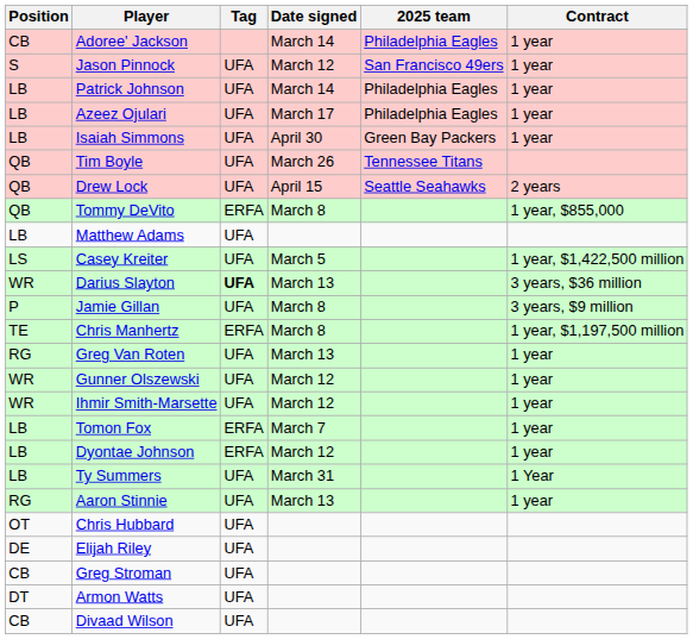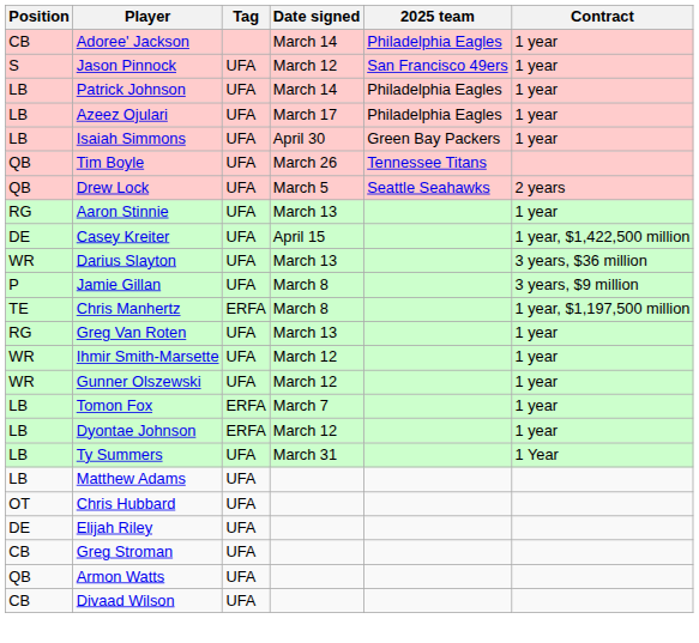 <table class="wikitable sortable">
 <tr>
 <th>Position</th>
 <th>Player</th>
 <th>Tag</th>
 <th>Date signed</th>
 <th>2025 team</th>
 <th>Contract</th>
 </tr>
 <tr bgcolor="#ffcccc">
 <td>CB</td>
 <td><a href='#'>Adoree' Jackson</a></td>
 <td></td>
 <td>March 14</td>
 <td><a href='#'>Philadelphia Eagles</a></td>
 <td>1 year</td>
 </tr>
 <tr bgcolor="#ffcccc">
 <td>S</td>
 <td><a href='#'>Jason Pinnock</a></td>
 <td>UFA</td>
 <td>March 12</td>
 <td><a href='#'>San Francisco 49ers</a></td>
 <td>1 year</td>
 </tr>
 <tr bgcolor="#ffcccc">
 <td>LB</td>
 <td><a href='#'>Patrick Johnson</a></td>
 <td>UFA</td>
 <td>March 14</td>
 <td>Philadelphia Eagles</td>
 <td>1 year</td>
 </tr>
 <tr bgcolor="#ffcccc">
 <td>LB</td>
 <td><a href='#'>Azeez Ojulari</a></td>
 <td>UFA</td>
 <td>March 17</td>
 <td>Philadelphia Eagles</td>
 <td>1 year</td>
 </tr>
 <tr bgcolor="#ffcccc">
 <td>LB</td>
 <td><a href='#'>Isaiah Simmons</a></td>
 <td>UFA</td>
 <td>April 30</td>
 <td>Green Bay Packers</td>
 <td>1 year</td>
 </tr>
 <tr bgcolor="#ffcccc">
 <td>QB</td>
 <td><a href='#'>Tim Boyle</a></td>
 <td>UFA</td>
 <td>March 26</td>
 <td><a href='#'>Tennessee Titans</a></td>
 <td></td>
 </tr>
 <tr bgcolor="#ffcccc">
 <td>QB</td>
 <td><a href='#'>Drew Lock</a></td>
 <td>UFA</td>
-<td>April 15</td>
+<td>March 5</td>
 <td><a href='#'>Seattle Seahawks</a></td>
 <td>2 years</td>
 </tr>
 <tr bgcolor="#ccffcc">
-<td>QB</td>
-<td><a href='#'>Tommy DeVito</a></td>
-<td>ERFA</td>
-<td>March 8</td>
+<td>RG</td>
+<td><a href='#'>Aaron Stinnie</a></td>
+<td>UFA</td>
+<td>March 13</td>
 <td></td>
-<td>1 year, $855,000</td>
-</tr>
-<tr>
-<td>LB</td>
-<td><a href='#'>Matthew Adams</a></td>
-<td>UFA</td>
-<td></td>
-<td></td>
-<td></td>
+<td>1 year</td>
 </tr>
 <tr bgcolor="#ccffcc">
-<td>LS</td>
+<td>DE</td>
 <td><a href='#'>Casey Kreiter</a></td>
 <td>UFA</td>
-<td>March 5</td>
+<td>April 15</td>
 <td></td>
 <td>1 year, $1,422,500 million</td>
 </tr>
 <tr bgcolor="#ccffcc">
 <td>WR</td>
 <td><a href='#'>Darius Slayton</a></td>
-<td><strong>UFA</strong></td>
+<td>UFA</td>
 <td>March 13</td>
 <td></td>
 <td>3 years, $36 million</td>
 </tr>
 <tr bgcolor="#ccffcc">
 <td>P</td>
 <td><a href='#'>Jamie Gillan</a></td>
 <td>UFA</td>
 <td>March 8</td>
 <td></td>
 <td>3 years, $9 million</td>
 </tr>
 <tr bgcolor="#ccffcc">
 <td>TE</td>
 <td><a href='#'>Chris Manhertz</a></td>
 <td>ERFA</td>
 <td>March 8</td>
 <td></td>
 <td>1 year, $1,197,500 million</td>
 </tr>
 <tr bgcolor="#ccffcc">
 <td>RG</td>
 <td><a href='#'>Greg Van Roten</a></td>
 <td>UFA</td>
 <td>March 13</td>
 <td></td>
 <td>1 year</td>
 </tr>
 <tr bgcolor="#ccffcc">
 <td>WR</td>
-<td><a href='#'>Gunner Olszewski</a></td>
+<td><a href='#'>Ihmir Smith-Marsette</a></td>
 <td>UFA</td>
 <td>March 12</td>
 <td></td>
 <td>1 year</td>
 </tr>
 <tr bgcolor="#ccffcc">
 <td>WR</td>
-<td><a href='#'>Ihmir Smith-Marsette</a></td>
+<td><a href='#'>Gunner Olszewski</a></td>
 <td>UFA</td>
 <td>March 12</td>
 <td></td>
 <td>1 year</td>
 </tr>
 <tr bgcolor="#ccffcc">
 <td>LB</td>
 <td><a href='#'>Tomon Fox</a></td>
 <td>ERFA</td>
 <td>March 7</td>
 <td></td>
 <td>1 year</td>
 </tr>
 <tr bgcolor="#ccffcc">
 <td>LB</td>
 <td><a href='#'>Dyontae Johnson</a></td>
 <td>ERFA</td>
 <td>March 12</td>
 <td></td>
 <td>1 year</td>
 </tr>
 <tr bgcolor="#ccffcc">
 <td>LB</td>
 <td><a href='#'>Ty Summers</a></td>
 <td>UFA</td>
 <td>March 31</td>
 <td></td>
 <td>1 Year</td>
 </tr>
-<tr bgcolor="#ccffcc">
-<td>RG</td>
-<td><a href='#'>Aaron Stinnie</a></td>
+<tr>
+<td>LB</td>
+<td><a href='#'>Matthew Adams</a></td>
 <td>UFA</td>
-<td>March 13</td>
 <td></td>
-<td>1 year</td>
+<td></td>
+<td></td>
 </tr>
 <tr>
 <td>OT</td>
 <td><a href='#'>Chris Hubbard</a></td>
 <td>UFA</td>
 <td></td>
 <td></td>
 <td></td>
 </tr>
 <tr>
 <td>DE</td>
 <td><a href='#'>Elijah Riley</a></td>
 <td>UFA</td>
 <td></td>
 <td></td>
 <td></td>
 </tr>
 <tr>
 <td>CB</td>
 <td><a href='#'>Greg Stroman</a></td>
 <td>UFA</td>
 <td></td>
 <td></td>
 <td></td>
 </tr>
 <tr>
-<td>DT</td>
+<td>QB</td>
 <td><a href='#'>Armon Watts</a></td>
 <td>UFA</td>
 <td></td>
 <td></td>
 <td></td>
 </tr>
 <tr>
 <td>CB</td>
 <td><a href='#'>Divaad Wilson</a></td>
 <td>UFA</td>
 <td></td>
 <td></td>
 <td></td>
 </tr>
 </table>
